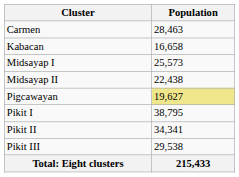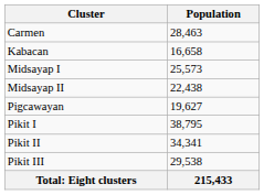 <table class="wikitable sortable" style="width:350px; text-align:left;">
 <tr>
 <th>Cluster</th>
 <th>Population </th>
 </tr>
 <tr>
 <td>Carmen</td>
 <td>28,463</td>
 </tr>
 <tr>
 <td>Kabacan</td>
 <td>16,658</td>
 </tr>
 <tr>
 <td>Midsayap I</td>
 <td>25,573</td>
 </tr>
 <tr>
 <td>Midsayap II</td>
 <td>22,438</td>
 </tr>
 <tr>
 <td>Pigcawayan</td>
-<td style="background: khaki;">19,627</td>
+<td>19,627</td>
 </tr>
 <tr>
 <td>Pikit I</td>
 <td>38,795</td>
 </tr>
 <tr>
 <td>Pikit II</td>
 <td>34,341</td>
 </tr>
 <tr>
 <td>Pikit III</td>
 <td>29,538</td>
 </tr>
 <tr>
 <th>Total: Eight clusters</th>
 <th>215,433</th>
 </tr>
 </table>
